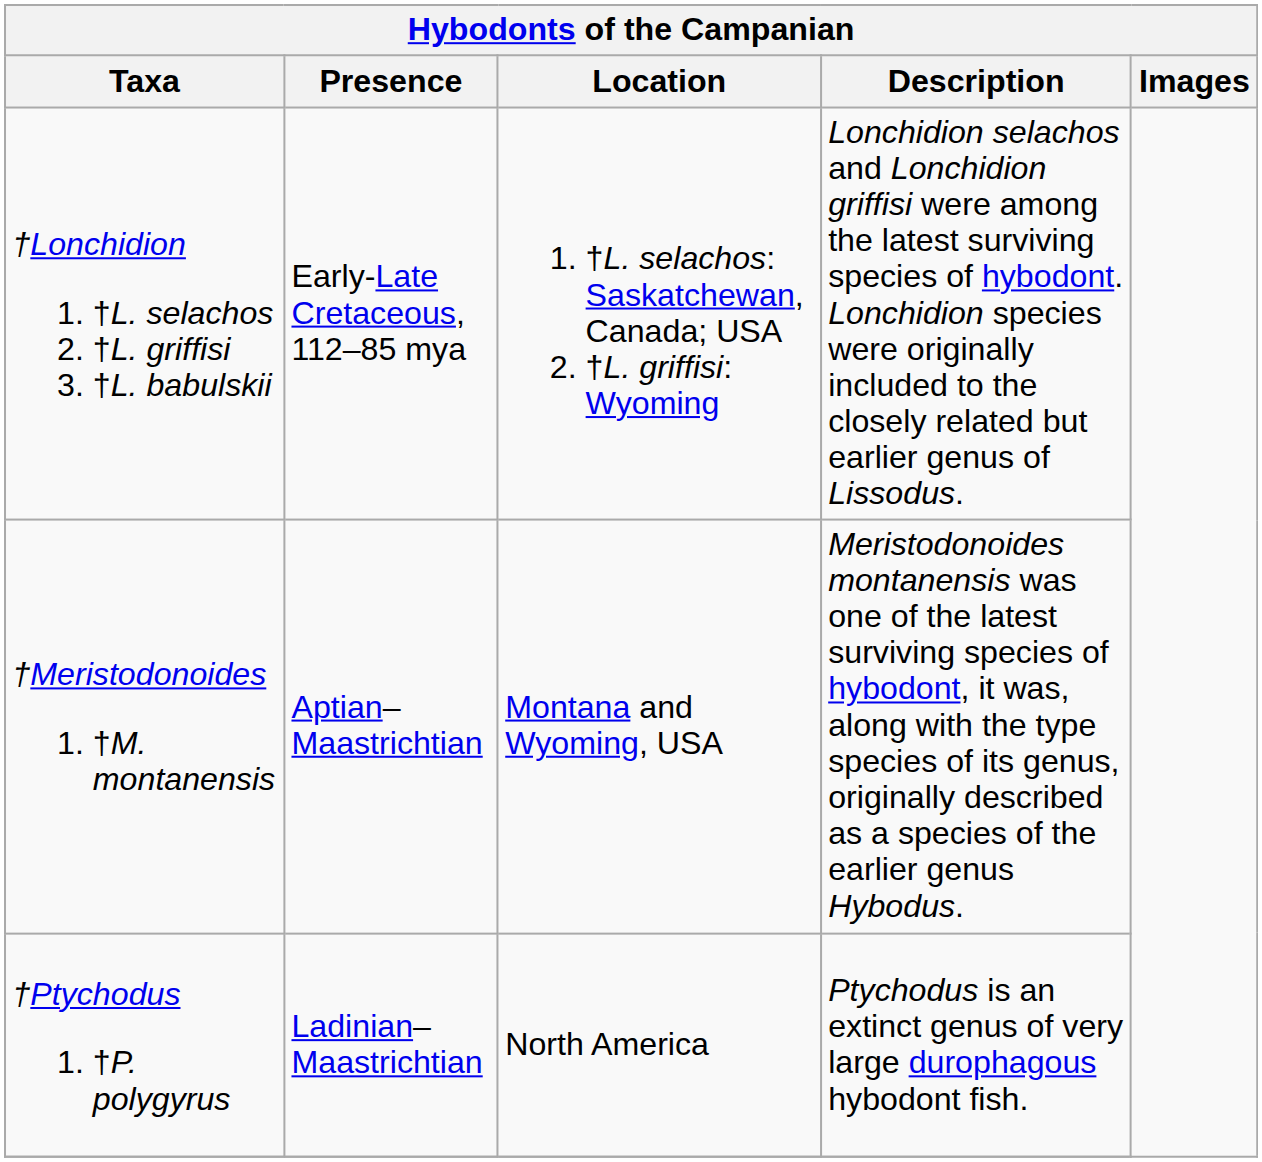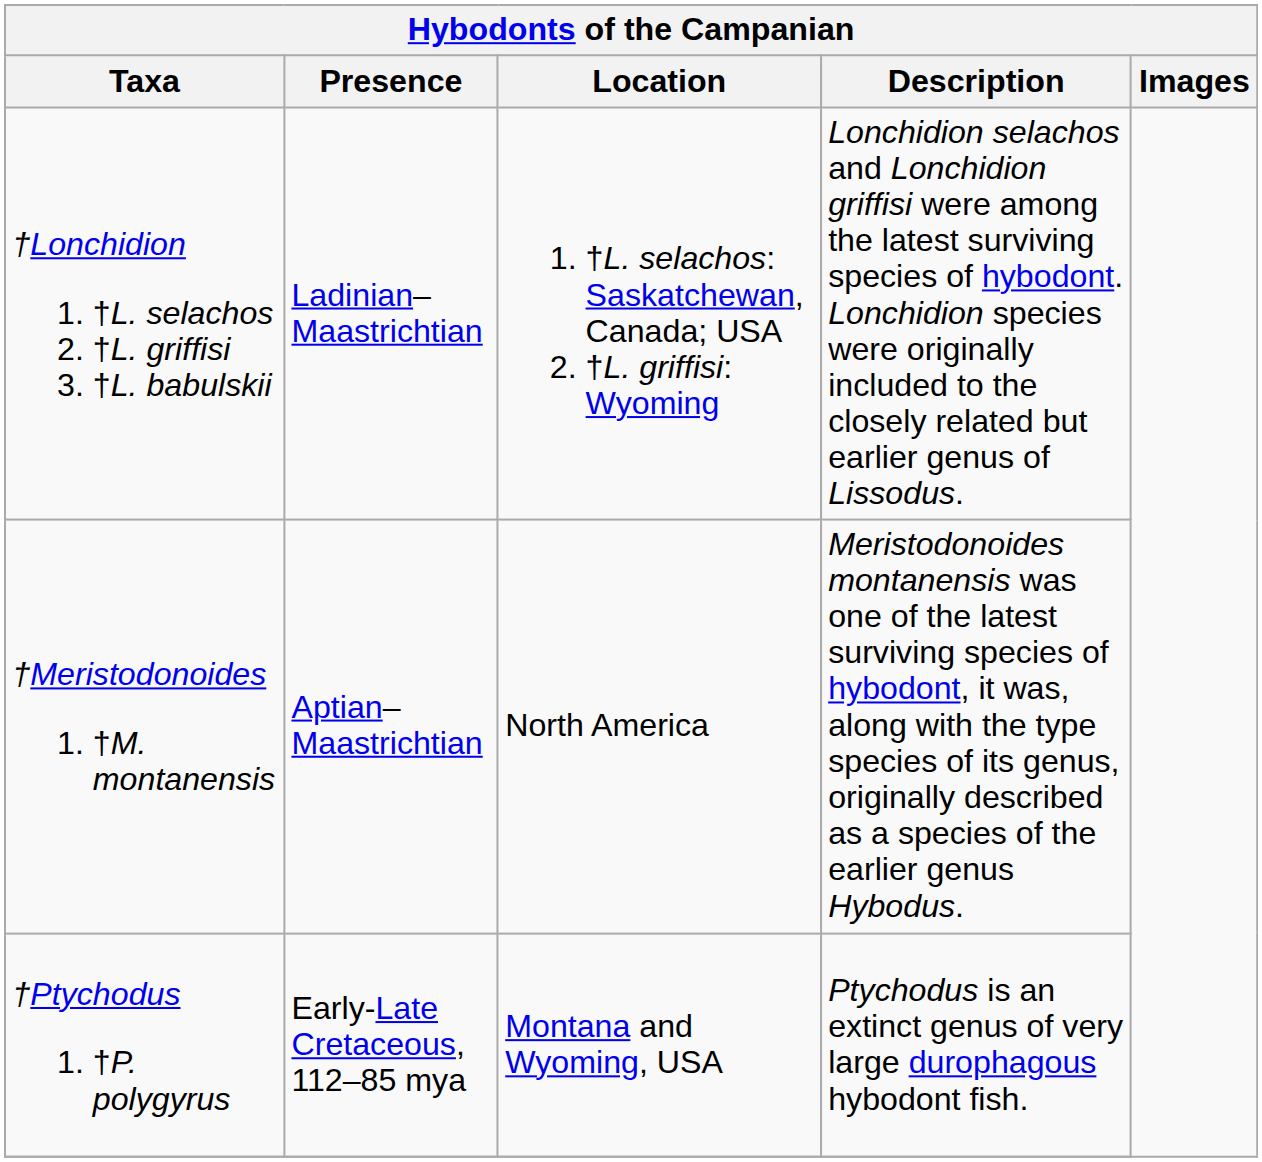 <table class="wikitable" align="center" width="100%">
 <tr>
 <th colspan="5" align="center"><a href='#'>Hybodonts</a> of the Campanian</th>
 </tr>
 <tr>
 <th>Taxa</th>
 <th>Presence</th>
 <th>Location</th>
 <th>Description</th>
 <th>Images</th>
 </tr>
 <tr>
 <td><br><em>†<a href='#'>Lonchidion</a></em><ol><li>†<em>L. selachos</em></li><li>†<em>L. griffisi</em></li><li>†<em>L. babulskii</em></li></ol></td>
-<td>Early-<a href='#'>Late Cretaceous</a>, 112–85 mya</td>
+<td><a href='#'>Ladinian</a>–<a href='#'>Maastrichtian</a></td>
 <td><br><ol><li>†<em>L. selachos</em>: <a href='#'>Saskatchewan</a>, Canada; USA</li><li>†<em>L. griffisi</em>: <a href='#'>Wyoming</a></li></ol></td>
 <td><em>Lonchidion selachos</em> and <em>Lonchidion griffisi</em> were among the latest surviving species of <a href='#'>hybodont</a>. <em>Lonchidion</em> species were originally included to the closely related but earlier genus of <em>Lissodus</em>.</td>
 <td rowspan="99"></td>
 </tr>
 <tr>
 <td><br><em>†<a href='#'>Meristodonoides</a></em><ol><li>†<em>M. montanensis</em></li></ol></td>
 <td><a href='#'>Aptian</a>–<a href='#'>Maastrichtian</a></td>
-<td><a href='#'>Montana</a> and <a href='#'>Wyoming</a>, USA</td>
+<td>North America</td>
 <td><em>Meristodonoides montanensis</em> was one of the latest surviving species of <a href='#'>hybodont</a>, it was, along with the type species of its genus, originally described as a species of the earlier genus <em>Hybodus</em>.</td>
 </tr>
 <tr>
 <td><br><em>†<a href='#'>Ptychodus</a></em><ol><li>†<em>P. polygyrus</em></li></ol></td>
-<td><a href='#'>Ladinian</a>–<a href='#'>Maastrichtian</a></td>
-<td>North America</td>
+<td>Early-<a href='#'>Late Cretaceous</a>, 112–85 mya</td>
+<td><a href='#'>Montana</a> and <a href='#'>Wyoming</a>, USA</td>
 <td><em>Ptychodus</em> is an extinct genus of very large <a href='#'>durophagous</a> hybodont fish.</td>
 </tr>
 <tr>
 </tr>
 </table>
